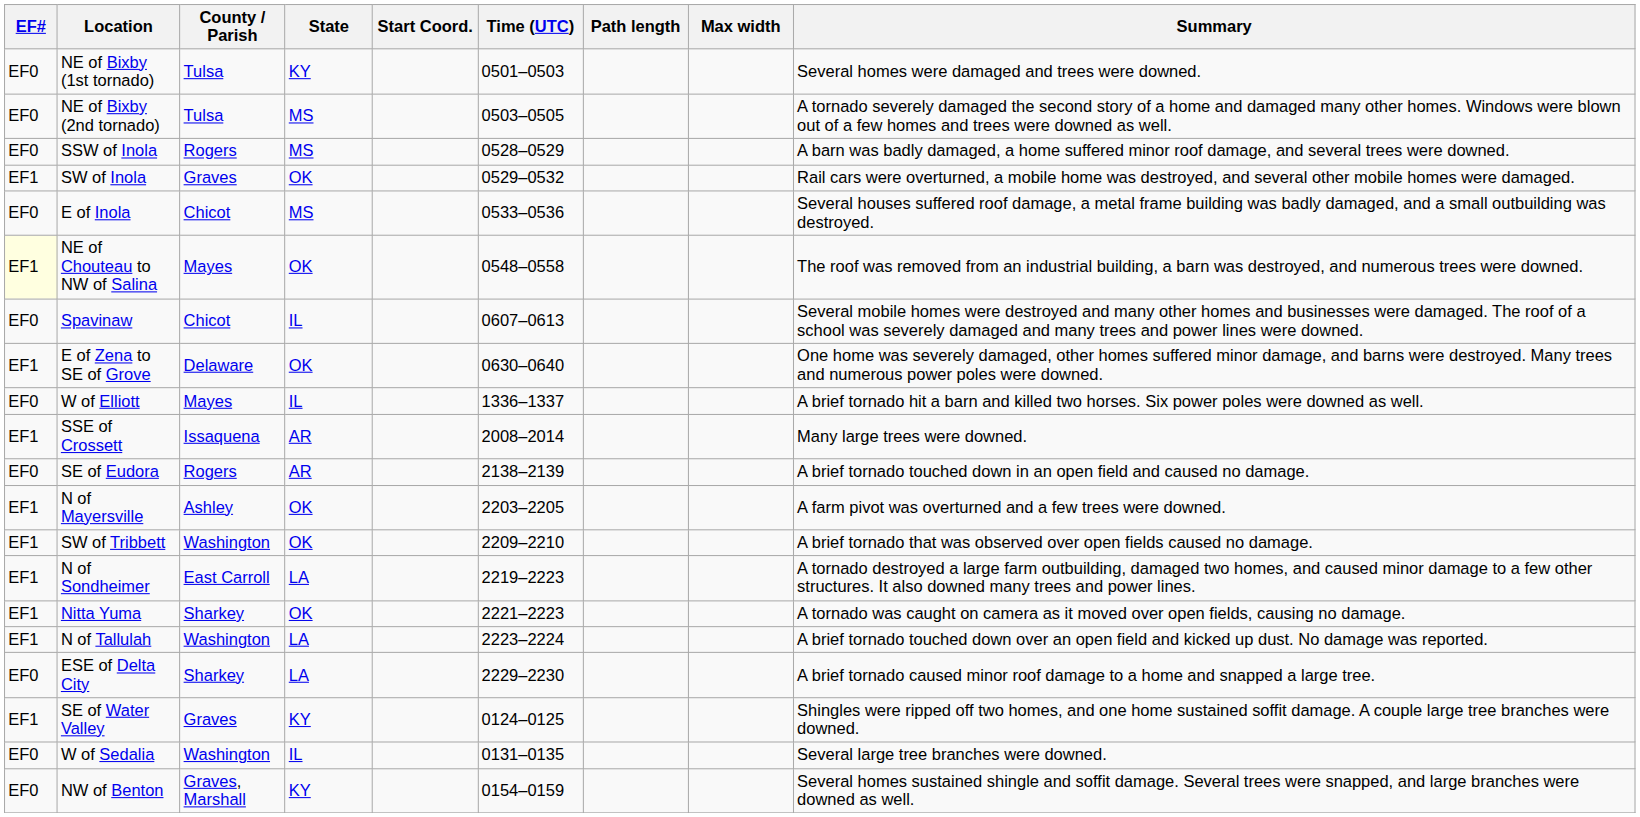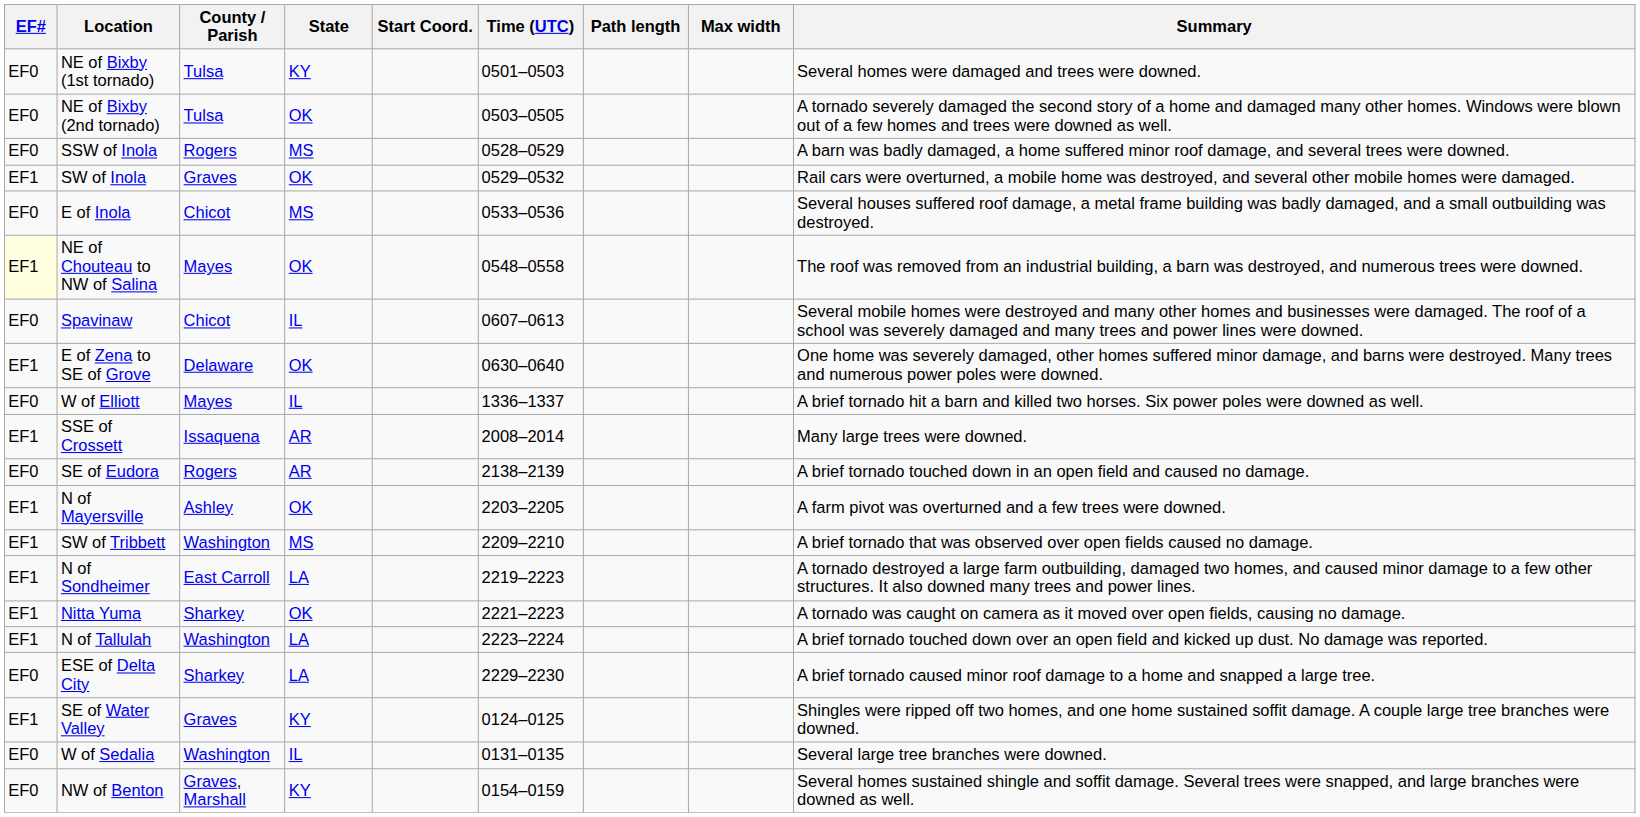 <table class="wikitable sortable" style="width:100%;">
 <tr>
 <th scope="col"  style="width:3%; text-align:center;"><a href='#'>EF#</a></th>
 <th scope="col"  style="width:7%; text-align:center;" class="unsortable">Location</th>
 <th scope="col"  style="width:6%; text-align:center;" class="unsortable">County / Parish</th>
 <th scope="col"  style="width:5%; text-align:center;">State</th>
 <th scope="col"  style="width:6%; text-align:center;">Start Coord.</th>
 <th scope="col"  style="width:6%; text-align:center;">Time (<a href='#'>UTC</a>)</th>
 <th scope="col"  style="width:6%; text-align:center;">Path length</th>
 <th scope="col"  style="width:6%; text-align:center;">Max width</th>
 <th scope="col" class="unsortable" style="width:48%; text-align:center;">Summary</th>
 </tr>
 <tr>
 <td>EF0</td>
 <td>NE of <a href='#'>Bixby</a> (1st tornado)</td>
 <td><a href='#'>Tulsa</a></td>
 <td><a href='#'>KY</a></td>
 <td></td>
 <td>0501–0503</td>
 <td></td>
 <td></td>
 <td>Several homes were damaged and trees were downed.</td>
 </tr>
 <tr>
 <td>EF0</td>
 <td>NE of <a href='#'>Bixby</a> (2nd tornado)</td>
 <td><a href='#'>Tulsa</a></td>
-<td><a href='#'>MS</a></td>
+<td><a href='#'>OK</a></td>
 <td></td>
 <td>0503–0505</td>
 <td></td>
 <td></td>
 <td>A tornado severely damaged the second story of a home and damaged many other homes. Windows were blown out of a few homes and trees were downed as well.</td>
 </tr>
 <tr>
 <td>EF0</td>
 <td>SSW of <a href='#'>Inola</a></td>
 <td><a href='#'>Rogers</a></td>
 <td><a href='#'>MS</a></td>
 <td></td>
 <td>0528–0529</td>
 <td></td>
 <td></td>
 <td>A barn was badly damaged, a home suffered minor roof damage, and several trees were downed.</td>
 </tr>
 <tr>
 <td>EF1</td>
 <td>SW of <a href='#'>Inola</a></td>
 <td><a href='#'>Graves</a></td>
 <td><a href='#'>OK</a></td>
 <td></td>
 <td>0529–0532</td>
 <td></td>
 <td></td>
 <td>Rail cars were overturned, a mobile home was destroyed, and several other mobile homes were damaged.</td>
 </tr>
 <tr>
 <td>EF0</td>
 <td>E of <a href='#'>Inola</a></td>
 <td><a href='#'>Chicot</a></td>
 <td><a href='#'>MS</a></td>
 <td></td>
 <td>0533–0536</td>
 <td></td>
 <td></td>
 <td>Several houses suffered roof damage, a metal frame building was badly damaged, and a small outbuilding was destroyed.</td>
 </tr>
 <tr>
 <td style="background: lightyellow;">EF1</td>
 <td>NE of <a href='#'>Chouteau</a> to NW of <a href='#'>Salina</a></td>
 <td><a href='#'>Mayes</a></td>
 <td><a href='#'>OK</a></td>
 <td></td>
 <td>0548–0558</td>
 <td></td>
 <td></td>
 <td>The roof was removed from an industrial building, a barn was destroyed, and numerous trees were downed.</td>
 </tr>
 <tr>
 <td>EF0</td>
 <td><a href='#'>Spavinaw</a></td>
 <td><a href='#'>Chicot</a></td>
 <td><a href='#'>IL</a></td>
 <td></td>
 <td>0607–0613</td>
 <td></td>
 <td></td>
 <td>Several mobile homes were destroyed and many other homes and businesses were damaged. The roof of a school was severely damaged and many trees and power lines were downed.</td>
 </tr>
 <tr>
 <td>EF1</td>
 <td>E of <a href='#'>Zena</a> to SE of <a href='#'>Grove</a></td>
 <td><a href='#'>Delaware</a></td>
 <td><a href='#'>OK</a></td>
 <td></td>
 <td>0630–0640</td>
 <td></td>
 <td></td>
 <td>One home was severely damaged, other homes suffered minor damage, and barns were destroyed. Many trees and numerous power poles were downed.</td>
 </tr>
 <tr>
 <td>EF0</td>
 <td>W of <a href='#'>Elliott</a></td>
 <td><a href='#'>Mayes</a></td>
 <td><a href='#'>IL</a></td>
 <td></td>
 <td>1336–1337</td>
 <td></td>
 <td></td>
 <td>A brief tornado hit a barn and killed two horses. Six power poles were downed as well.</td>
 </tr>
 <tr>
 <td>EF1</td>
 <td>SSE of <a href='#'>Crossett</a></td>
 <td><a href='#'>Issaquena</a></td>
 <td><a href='#'>AR</a></td>
 <td></td>
 <td>2008–2014</td>
 <td></td>
 <td></td>
 <td>Many large trees were downed.</td>
 </tr>
 <tr>
 <td>EF0</td>
 <td>SE of <a href='#'>Eudora</a></td>
 <td><a href='#'>Rogers</a></td>
 <td><a href='#'>AR</a></td>
 <td></td>
 <td>2138–2139</td>
 <td></td>
 <td></td>
 <td>A brief tornado touched down in an open field and caused no damage.</td>
 </tr>
 <tr>
 <td>EF1</td>
 <td>N of <a href='#'>Mayersville</a></td>
 <td><a href='#'>Ashley</a></td>
 <td><a href='#'>OK</a></td>
 <td></td>
 <td>2203–2205</td>
 <td></td>
 <td></td>
 <td>A farm pivot was overturned and a few trees were downed.</td>
 </tr>
 <tr>
 <td>EF1</td>
 <td>SW of <a href='#'>Tribbett</a></td>
 <td><a href='#'>Washington</a></td>
-<td><a href='#'>OK</a></td>
+<td><a href='#'>MS</a></td>
 <td></td>
 <td>2209–2210</td>
 <td></td>
 <td></td>
 <td>A brief tornado that was observed over open fields caused no damage.</td>
 </tr>
 <tr>
 <td>EF1</td>
 <td>N of <a href='#'>Sondheimer</a></td>
 <td><a href='#'>East Carroll</a></td>
 <td><a href='#'>LA</a></td>
 <td></td>
 <td>2219–2223</td>
 <td></td>
 <td></td>
 <td>A tornado destroyed a large farm outbuilding, damaged two homes, and caused minor damage to a few other structures. It also downed many trees and power lines.</td>
 </tr>
 <tr>
 <td>EF1</td>
 <td><a href='#'>Nitta Yuma</a></td>
 <td><a href='#'>Sharkey</a></td>
 <td><a href='#'>OK</a></td>
 <td></td>
 <td>2221–2223</td>
 <td></td>
 <td></td>
 <td>A tornado was caught on camera as it moved over open fields, causing no damage.</td>
 </tr>
 <tr>
 <td>EF1</td>
 <td>N of <a href='#'>Tallulah</a></td>
 <td><a href='#'>Washington</a></td>
 <td><a href='#'>LA</a></td>
 <td></td>
 <td>2223–2224</td>
 <td></td>
 <td></td>
 <td>A brief tornado touched down over an open field and kicked up dust. No damage was reported.</td>
 </tr>
 <tr>
 <td>EF0</td>
 <td>ESE of <a href='#'>Delta City</a></td>
 <td><a href='#'>Sharkey</a></td>
 <td><a href='#'>LA</a></td>
 <td></td>
 <td>2229–2230</td>
 <td></td>
 <td></td>
 <td>A brief tornado caused minor roof damage to a home and snapped a large tree.</td>
 </tr>
 <tr>
 <td>EF1</td>
 <td>SE of <a href='#'>Water Valley</a></td>
 <td><a href='#'>Graves</a></td>
 <td><a href='#'>KY</a></td>
 <td></td>
 <td>0124–0125</td>
 <td></td>
 <td></td>
 <td>Shingles were ripped off two homes, and one home sustained soffit damage. A couple large tree branches were downed.</td>
 </tr>
 <tr>
 <td>EF0</td>
 <td>W of <a href='#'>Sedalia</a></td>
 <td><a href='#'>Washington</a></td>
 <td><a href='#'>IL</a></td>
 <td></td>
 <td>0131–0135</td>
 <td></td>
 <td></td>
 <td>Several large tree branches were downed.</td>
 </tr>
 <tr>
 <td>EF0</td>
 <td>NW of <a href='#'>Benton</a></td>
 <td><a href='#'>Graves</a>, <a href='#'>Marshall</a></td>
 <td><a href='#'>KY</a></td>
 <td></td>
 <td>0154–0159</td>
 <td></td>
 <td></td>
 <td>Several homes sustained shingle and soffit damage. Several trees were snapped, and large branches were downed as well.</td>
 </tr>
 <tr>
 </tr>
 </table>
